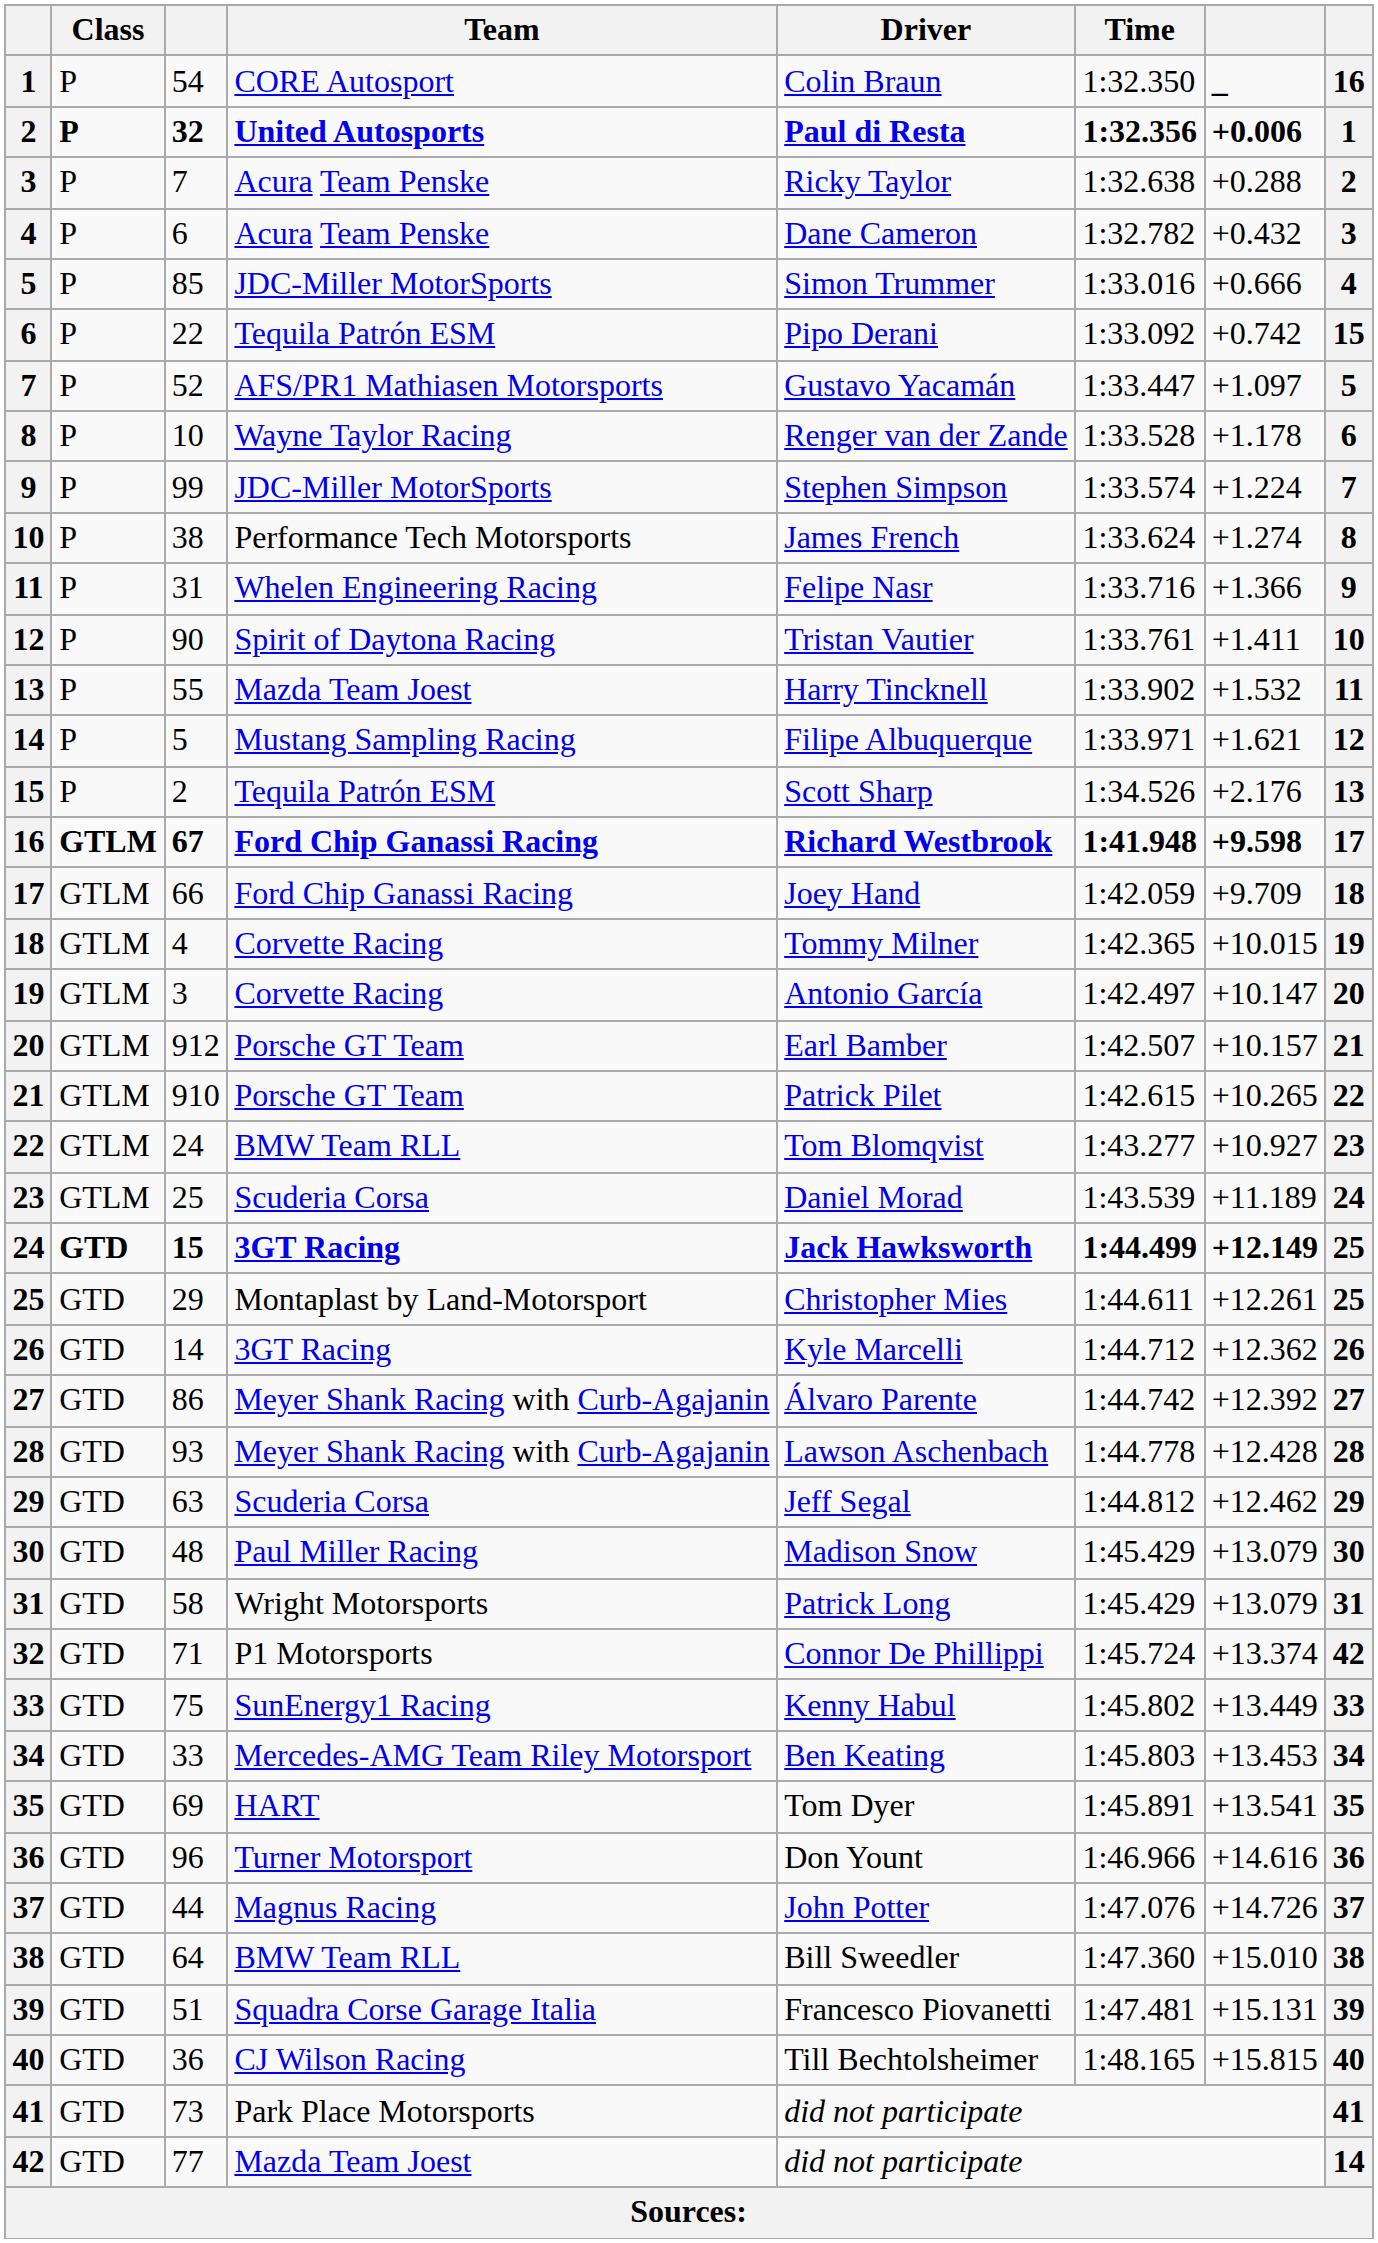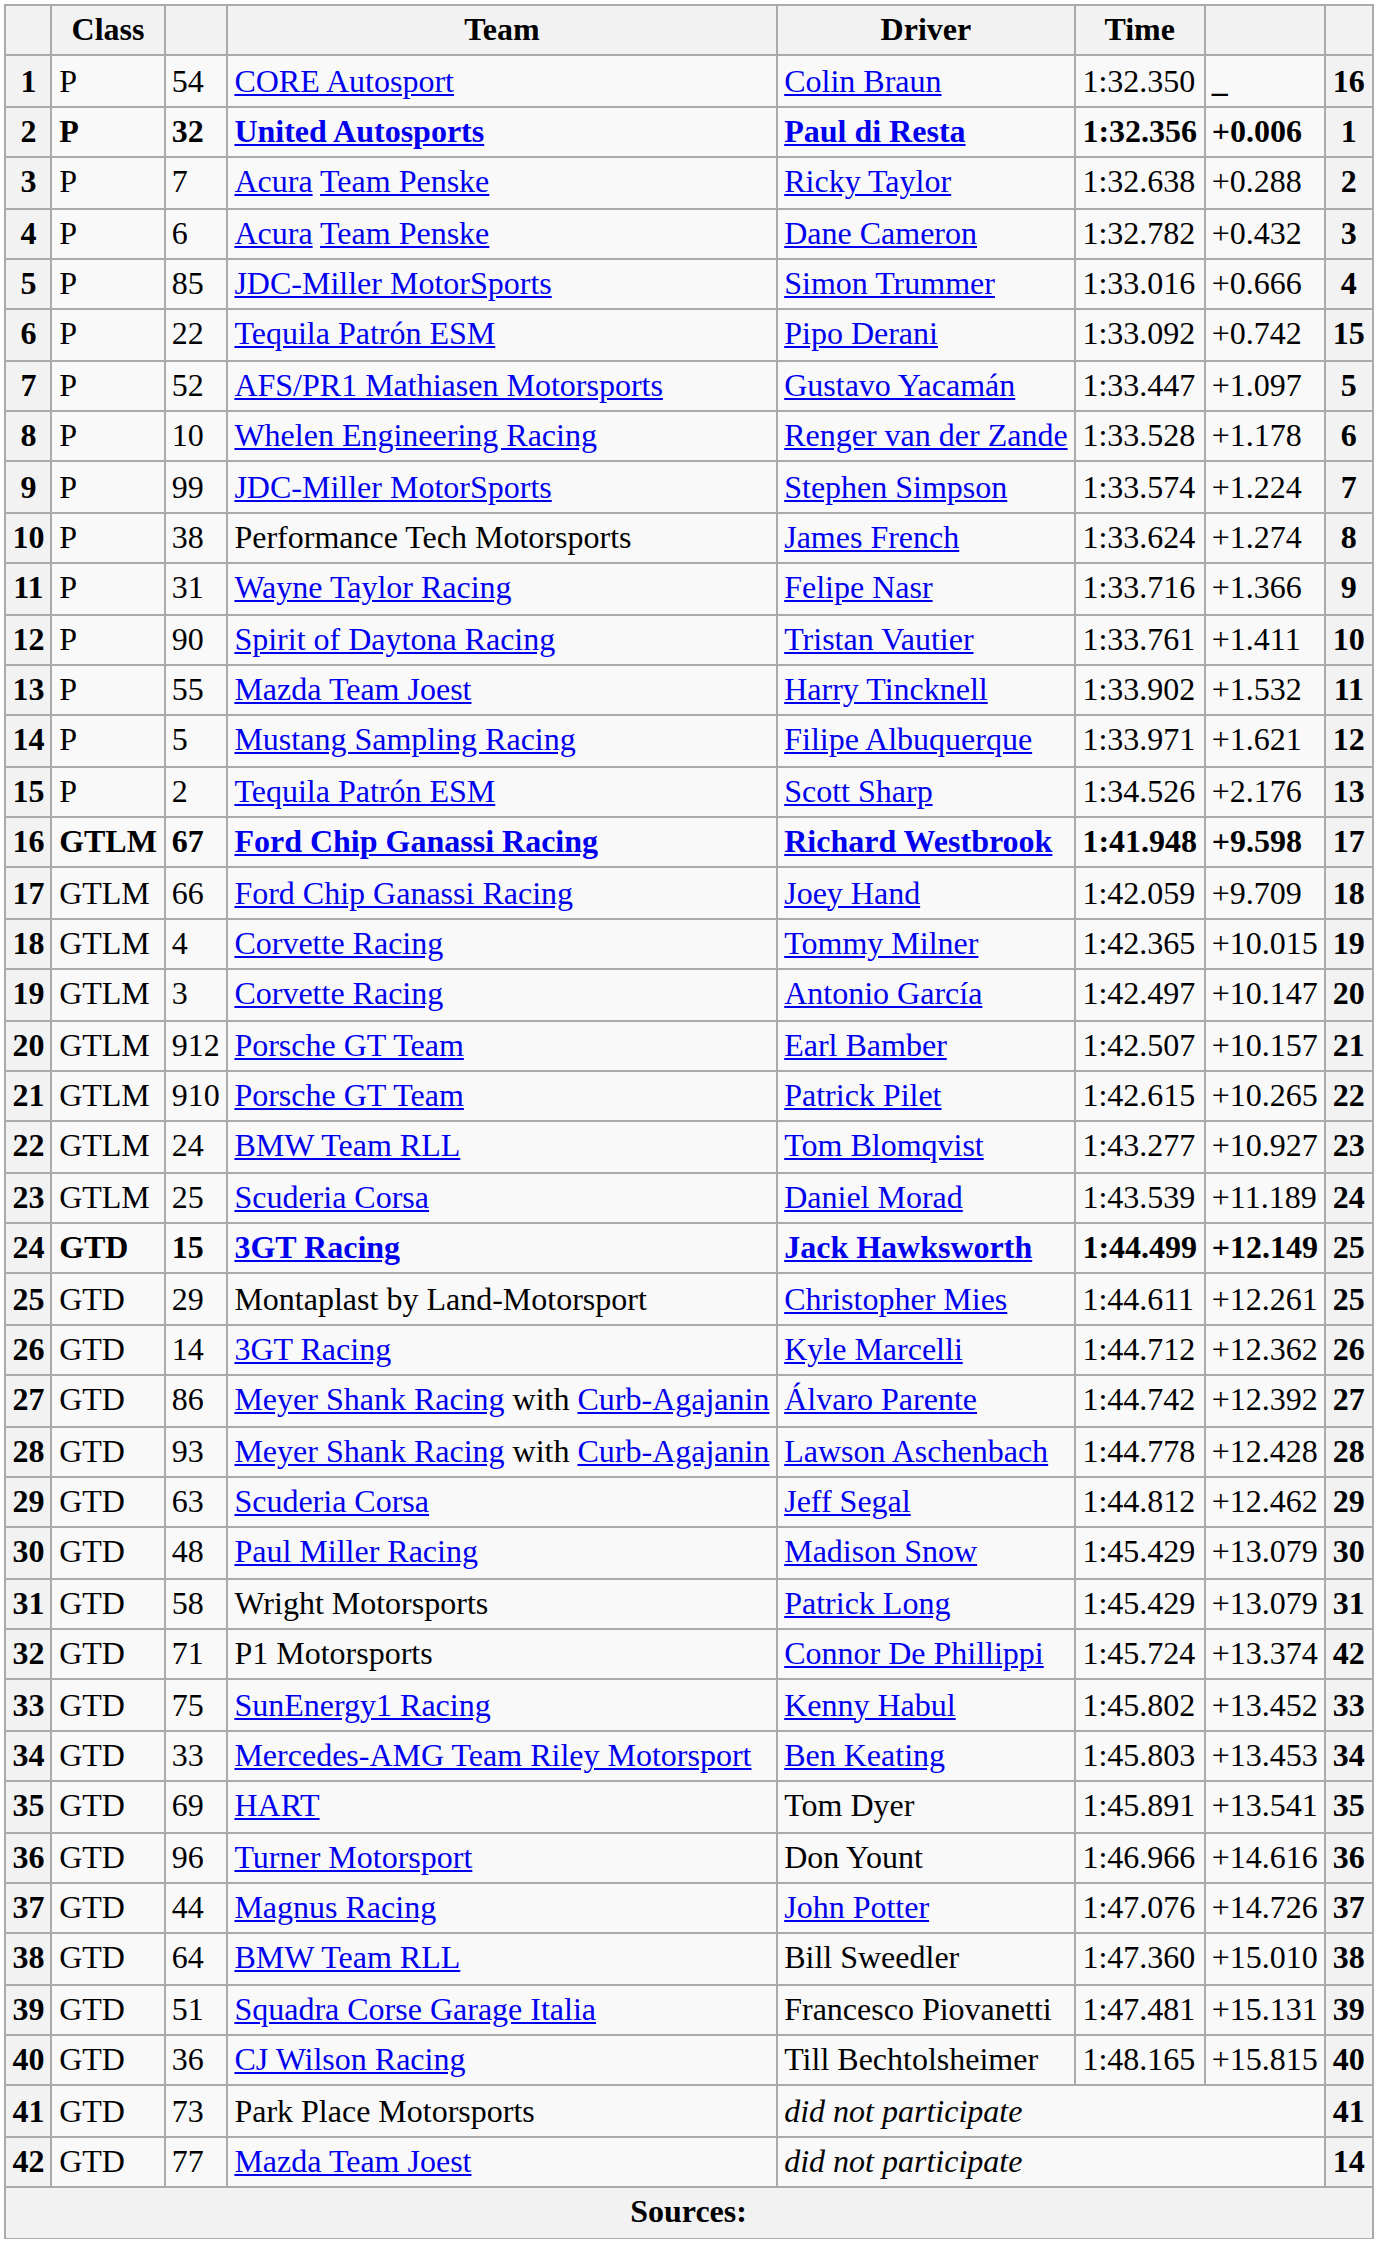 <table class="wikitable">
 <tr>
 <th scope="col"></th>
 <th scope="col">Class</th>
 <th scope="col"></th>
 <th scope="col">Team</th>
 <th scope="col">Driver</th>
 <th scope="col">Time</th>
 <th scope="col"></th>
 <th scope="col"></th>
 </tr>
 <tr>
 <th scope="row">1</th>
 <td>P</td>
 <td>54</td>
 <td> <a href='#'>CORE Autosport</a></td>
 <td> <a href='#'>Colin Braun</a></td>
 <td>1:32.350</td>
 <td><strong>_</strong></td>
 <th><strong>16</strong></th>
 </tr>
 <tr>
 <th scope="row">2</th>
 <td><strong>P</strong></td>
 <td><strong>32</strong></td>
 <td><strong> <a href='#'>United Autosports</a></strong></td>
 <td><strong> <a href='#'>Paul di Resta</a></strong></td>
 <td><strong>1:32.356</strong></td>
 <td><strong>+0.006</strong></td>
 <th>1</th>
 </tr>
 <tr>
 <th scope="row">3</th>
 <td>P</td>
 <td>7</td>
 <td> <a href='#'>Acura</a> <a href='#'>Team Penske</a></td>
 <td> <a href='#'>Ricky Taylor</a></td>
 <td>1:32.638</td>
 <td>+0.288</td>
 <th>2</th>
 </tr>
 <tr>
 <th scope="row">4</th>
 <td>P</td>
 <td>6</td>
 <td> <a href='#'>Acura</a> <a href='#'>Team Penske</a></td>
 <td> <a href='#'>Dane Cameron</a></td>
 <td>1:32.782</td>
 <td>+0.432</td>
 <th>3</th>
 </tr>
 <tr>
 <th scope="row">5</th>
 <td>P</td>
 <td>85</td>
 <td> <a href='#'>JDC-Miller MotorSports</a></td>
 <td> <a href='#'>Simon Trummer</a></td>
 <td>1:33.016</td>
 <td>+0.666</td>
 <th>4</th>
 </tr>
 <tr>
 <th scope="row">6</th>
 <td>P</td>
 <td>22</td>
 <td> <a href='#'>Tequila Patrón ESM</a></td>
 <td> <a href='#'>Pipo Derani</a></td>
 <td>1:33.092</td>
 <td>+0.742</td>
 <th>15</th>
 </tr>
 <tr>
 <th scope="row">7</th>
 <td>P</td>
 <td>52</td>
 <td> <a href='#'>AFS/PR1 Mathiasen Motorsports</a></td>
 <td> <a href='#'>Gustavo Yacamán</a></td>
 <td>1:33.447</td>
 <td>+1.097</td>
 <th>5</th>
 </tr>
 <tr>
 <th scope="row">8</th>
 <td>P</td>
 <td>10</td>
-<td> <a href='#'>Wayne Taylor Racing</a></td>
+<td> <a href='#'>Whelen Engineering Racing</a></td>
 <td> <a href='#'>Renger van der Zande</a></td>
 <td>1:33.528</td>
 <td>+1.178</td>
 <th>6</th>
 </tr>
 <tr>
 <th scope="row">9</th>
 <td>P</td>
 <td>99</td>
 <td> <a href='#'>JDC-Miller MotorSports</a></td>
 <td> <a href='#'>Stephen Simpson</a></td>
 <td>1:33.574</td>
 <td>+1.224</td>
 <th>7</th>
 </tr>
 <tr>
 <th scope="row">10</th>
 <td>P</td>
 <td>38</td>
 <td> Performance Tech Motorsports</td>
 <td> <a href='#'>James French</a></td>
 <td>1:33.624</td>
 <td>+1.274</td>
 <th>8</th>
 </tr>
 <tr>
 <th scope="row">11</th>
 <td>P</td>
 <td>31</td>
-<td> <a href='#'>Whelen Engineering Racing</a></td>
+<td> <a href='#'>Wayne Taylor Racing</a></td>
 <td> <a href='#'>Felipe Nasr</a></td>
 <td>1:33.716</td>
 <td>+1.366</td>
 <th>9</th>
 </tr>
 <tr>
 <th scope="row">12</th>
 <td>P</td>
 <td>90</td>
 <td> <a href='#'>Spirit of Daytona Racing</a></td>
 <td> <a href='#'>Tristan Vautier</a></td>
 <td>1:33.761</td>
 <td>+1.411</td>
 <th>10</th>
 </tr>
 <tr>
 <th scope="row">13</th>
 <td>P</td>
 <td>55</td>
 <td> <a href='#'>Mazda Team Joest</a></td>
 <td> <a href='#'>Harry Tincknell</a></td>
 <td>1:33.902</td>
 <td>+1.532</td>
 <th>11</th>
 </tr>
 <tr>
 <th scope="row">14</th>
 <td>P</td>
 <td>5</td>
 <td> <a href='#'>Mustang Sampling Racing</a></td>
 <td> <a href='#'>Filipe Albuquerque</a></td>
 <td>1:33.971</td>
 <td>+1.621</td>
 <th>12</th>
 </tr>
 <tr>
 <th scope="row">15</th>
 <td>P</td>
 <td>2</td>
 <td> <a href='#'>Tequila Patrón ESM</a></td>
 <td> <a href='#'>Scott Sharp</a></td>
 <td>1:34.526</td>
 <td>+2.176</td>
 <th>13</th>
 </tr>
 <tr>
 <th scope="row">16</th>
 <td><strong>GTLM</strong></td>
 <td><strong>67</strong></td>
 <td><strong> <a href='#'>Ford Chip Ganassi Racing</a></strong></td>
 <td><strong> <a href='#'>Richard Westbrook</a></strong></td>
 <td><strong>1:41.948</strong></td>
 <td><strong>+9.598</strong></td>
 <th>17</th>
 </tr>
 <tr>
 <th scope="row">17</th>
 <td>GTLM</td>
 <td>66</td>
 <td> <a href='#'>Ford Chip Ganassi Racing</a></td>
 <td> <a href='#'>Joey Hand</a></td>
 <td>1:42.059</td>
 <td>+9.709</td>
 <th><strong>18</strong></th>
 </tr>
 <tr>
 <th scope="row">18</th>
 <td>GTLM</td>
 <td>4</td>
 <td> <a href='#'>Corvette Racing</a></td>
 <td> <a href='#'>Tommy Milner</a></td>
 <td>1:42.365</td>
 <td>+10.015</td>
 <th>19</th>
 </tr>
 <tr>
 <th scope="row">19</th>
 <td>GTLM</td>
 <td>3</td>
 <td> <a href='#'>Corvette Racing</a></td>
 <td> <a href='#'>Antonio García</a></td>
 <td>1:42.497</td>
 <td>+10.147</td>
 <th>20</th>
 </tr>
 <tr>
 <th scope="row">20</th>
 <td>GTLM</td>
 <td>912</td>
 <td> <a href='#'>Porsche GT Team</a></td>
 <td> <a href='#'>Earl Bamber</a></td>
 <td>1:42.507</td>
 <td>+10.157</td>
 <th>21</th>
 </tr>
 <tr>
 <th scope="row">21</th>
 <td>GTLM</td>
 <td>910</td>
 <td> <a href='#'>Porsche GT Team</a></td>
 <td> <a href='#'>Patrick Pilet</a></td>
 <td>1:42.615</td>
 <td>+10.265</td>
 <th>22</th>
 </tr>
 <tr>
 <th scope="row">22</th>
 <td>GTLM</td>
 <td>24</td>
 <td> <a href='#'>BMW Team RLL</a></td>
 <td> <a href='#'>Tom Blomqvist</a></td>
 <td>1:43.277</td>
 <td>+10.927</td>
 <th>23</th>
 </tr>
 <tr>
 <th scope="row">23</th>
 <td>GTLM</td>
 <td>25</td>
 <td> <a href='#'>Scuderia Corsa</a></td>
 <td> <a href='#'>Daniel Morad</a></td>
 <td>1:43.539</td>
 <td>+11.189</td>
 <th>24</th>
 </tr>
 <tr>
 <th scope="row">24</th>
 <td><strong>GTD</strong></td>
 <td><strong>15</strong></td>
 <td><strong> <a href='#'>3GT Racing</a></strong></td>
 <td><strong> <a href='#'>Jack Hawksworth</a></strong></td>
 <td><strong>1:44.499</strong></td>
 <td><strong>+12.149</strong></td>
 <th>25</th>
 </tr>
 <tr>
 <th scope="row">25</th>
 <td>GTD</td>
 <td>29</td>
 <td> Montaplast by Land-Motorsport</td>
 <td> <a href='#'>Christopher Mies</a></td>
 <td>1:44.611</td>
 <td>+12.261</td>
 <th><strong>25</strong></th>
 </tr>
 <tr>
 <th scope="row">26</th>
 <td>GTD</td>
 <td>14</td>
 <td> <a href='#'>3GT Racing</a></td>
 <td> <a href='#'>Kyle Marcelli</a></td>
 <td>1:44.712</td>
 <td>+12.362</td>
 <th>26</th>
 </tr>
 <tr>
 <th scope="row">27</th>
 <td>GTD</td>
 <td>86</td>
 <td> <a href='#'>Meyer Shank Racing</a> with <a href='#'>Curb-Agajanin</a></td>
 <td> <a href='#'>Álvaro Parente</a></td>
 <td>1:44.742</td>
 <td>+12.392</td>
 <th>27</th>
 </tr>
 <tr>
 <th scope="row">28</th>
 <td>GTD</td>
 <td>93</td>
 <td> <a href='#'>Meyer Shank Racing</a> with <a href='#'>Curb-Agajanin</a></td>
 <td> <a href='#'>Lawson Aschenbach</a></td>
 <td>1:44.778</td>
 <td>+12.428</td>
 <th>28</th>
 </tr>
 <tr>
 <th scope="row">29</th>
 <td>GTD</td>
 <td>63</td>
 <td> <a href='#'>Scuderia Corsa</a></td>
 <td> <a href='#'>Jeff Segal</a></td>
 <td>1:44.812</td>
 <td>+12.462</td>
 <th>29</th>
 </tr>
 <tr>
 <th scope="row">30</th>
 <td>GTD</td>
 <td>48</td>
 <td> <a href='#'>Paul Miller Racing</a></td>
 <td> <a href='#'>Madison Snow</a></td>
 <td>1:45.429</td>
 <td>+13.079</td>
 <th>30</th>
 </tr>
 <tr>
 <th scope="row">31</th>
 <td>GTD</td>
 <td>58</td>
 <td> Wright Motorsports</td>
 <td> <a href='#'>Patrick Long</a></td>
 <td>1:45.429</td>
 <td>+13.079</td>
 <th>31</th>
 </tr>
 <tr>
 <th scope="row">32</th>
 <td>GTD</td>
 <td>71</td>
 <td> P1 Motorsports</td>
 <td> <a href='#'>Connor De Phillippi</a></td>
 <td>1:45.724</td>
 <td>+13.374</td>
 <th>42</th>
 </tr>
 <tr>
 <th scope="row">33</th>
 <td>GTD</td>
 <td>75</td>
 <td> <a href='#'>SunEnergy1 Racing</a></td>
 <td> <a href='#'>Kenny Habul</a></td>
 <td>1:45.802</td>
-<td>+13.449</td>
+<td>+13.452</td>
 <th>33</th>
 </tr>
 <tr>
 <th scope="row">34</th>
 <td>GTD</td>
 <td>33</td>
 <td> <a href='#'>Mercedes-AMG Team Riley Motorsport</a></td>
 <td> <a href='#'>Ben Keating</a></td>
 <td>1:45.803</td>
 <td>+13.453</td>
 <th>34</th>
 </tr>
 <tr>
 <th scope="row">35</th>
 <td>GTD</td>
 <td>69</td>
 <td> <a href='#'>HART</a></td>
 <td> Tom Dyer</td>
 <td>1:45.891</td>
 <td>+13.541</td>
 <th>35</th>
 </tr>
 <tr>
 <th scope="row">36</th>
 <td>GTD</td>
 <td>96</td>
 <td> <a href='#'>Turner Motorsport</a></td>
 <td> Don Yount</td>
 <td>1:46.966</td>
 <td>+14.616</td>
 <th>36</th>
 </tr>
 <tr>
 <th scope="row">37</th>
 <td>GTD</td>
 <td>44</td>
 <td> <a href='#'>Magnus Racing</a></td>
 <td> <a href='#'>John Potter</a></td>
 <td>1:47.076</td>
 <td>+14.726</td>
 <th>37</th>
 </tr>
 <tr>
 <th scope="row">38</th>
 <td>GTD</td>
 <td>64</td>
 <td> <a href='#'>BMW Team RLL</a></td>
 <td> Bill Sweedler</td>
 <td>1:47.360</td>
 <td>+15.010</td>
 <th>38</th>
 </tr>
 <tr>
 <th scope="row">39</th>
 <td>GTD</td>
 <td>51</td>
 <td> <a href='#'>Squadra Corse Garage Italia</a></td>
 <td> Francesco Piovanetti</td>
 <td>1:47.481</td>
 <td>+15.131</td>
 <th>39</th>
 </tr>
 <tr>
 <th scope="row">40</th>
 <td>GTD</td>
 <td>36</td>
 <td> <a href='#'>CJ Wilson Racing</a></td>
 <td> Till Bechtolsheimer</td>
 <td>1:48.165</td>
 <td>+15.815</td>
 <th>40</th>
 </tr>
 <tr>
 <th scope="row">41</th>
 <td>GTD</td>
 <td>73</td>
 <td> Park Place Motorsports</td>
 <td colspan="3"><em>did not participate</em></td>
 <th>41</th>
 </tr>
 <tr>
 <th scope="row">42</th>
 <td>GTD</td>
 <td>77</td>
 <td> <a href='#'>Mazda Team Joest</a></td>
 <td colspan="3"><em>did not participate</em></td>
 <th>14</th>
 </tr>
 <tr>
 <th colspan="8">Sources:</th>
 </tr>
 <tr>
 </tr>
 </table>
